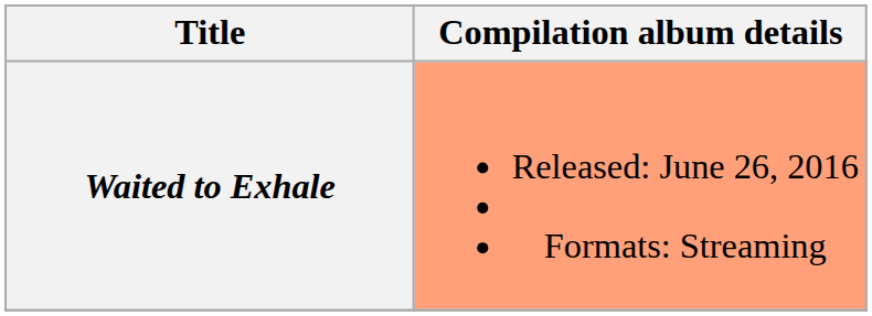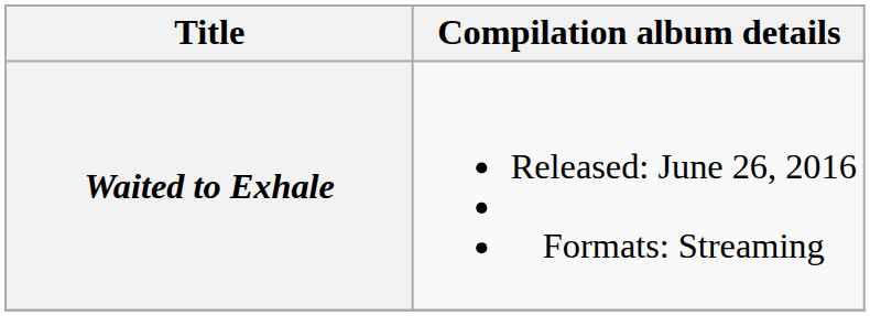 <table class="wikitable plainrowheaders" style="text-align:center;">
 <tr>
 <th scope="col" style="width:11em;">Title</th>
 <th scope="col">Compilation album details</th>
 </tr>
 <tr>
 <th scope="row"><em>Waited to Exhale</em></th>
-<td style="background: lightsalmon;"><br><ul><li>Released: June 26, 2016</li><li></li><li>Formats: Streaming</li></ul></td>
+<td><br><ul><li>Released: June 26, 2016</li><li></li><li>Formats: Streaming</li></ul></td>
 </tr>
 <tr>
 </tr>
 </table>
